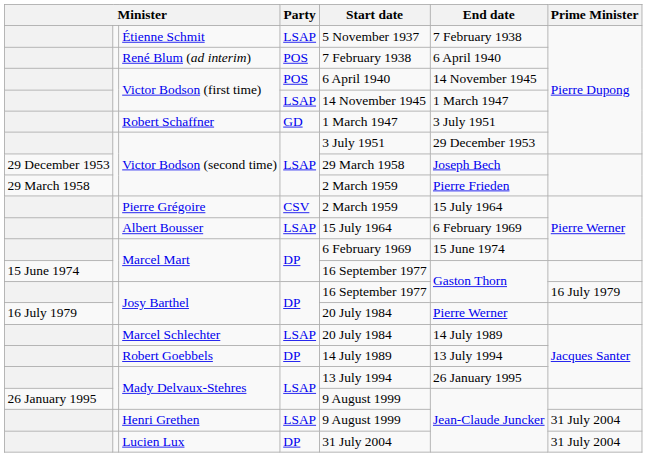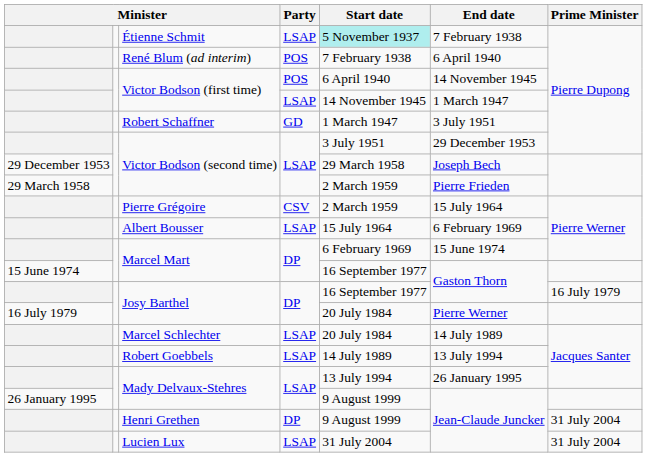 <table class="wikitable">
 <tr style="background: #efefef;">
 <th colspan=3>Minister</th>
 <th>Party</th>
 <th>Start date</th>
 <th>End date</th>
 <th>Prime Minister</th>
 </tr>
 <tr>
 <th style="background-color: "></th>
 <td></td>
 <td><a href='#'>Étienne Schmit</a></td>
 <td><a href='#'>LSAP</a></td>
-<td>5 November 1937</td>
+<td style="background: paleturquoise;">5 November 1937</td>
 <td>7 February 1938</td>
 <td rowspan=6><a href='#'>Pierre Dupong</a></td>
 </tr>
 <tr>
 <th style="background-color: "></th>
 <td></td>
 <td><a href='#'>René Blum</a> (<em>ad interim</em>)</td>
 <td><a href='#'>POS</a></td>
 <td>7 February 1938</td>
 <td>6 April 1940</td>
 </tr>
 <tr>
 <th style="background-color: "></th>
 <td rowspan=2></td>
 <td rowspan=2><a href='#'>Victor Bodson</a> (first time)</td>
 <td><a href='#'>POS</a></td>
 <td>6 April 1940</td>
 <td>14 November 1945</td>
 </tr>
 <tr>
 <th style="background-color: "></th>
 <td><a href='#'>LSAP</a></td>
 <td>14 November 1945</td>
 <td>1 March 1947</td>
 </tr>
 <tr>
 <th style="background-color: "></th>
 <td></td>
 <td><a href='#'>Robert Schaffner</a></td>
 <td><a href='#'>GD</a></td>
 <td>1 March 1947</td>
 <td>3 July 1951</td>
 </tr>
 <tr>
 <th style="background-color: "></th>
 <td rowspan=3></td>
 <td rowspan=3><a href='#'>Victor Bodson</a> (second time)</td>
 <td rowspan=3><a href='#'>LSAP</a></td>
 <td>3 July 1951</td>
 <td>29 December 1953</td>
 </tr>
 <tr>
 <td>29 December 1953</td>
 <td>29 March 1958</td>
 <td><a href='#'>Joseph Bech</a></td>
 </tr>
 <tr>
 <td>29 March 1958</td>
 <td>2 March 1959</td>
 <td><a href='#'>Pierre Frieden</a></td>
 </tr>
 <tr>
 <th style="background-color: "></th>
 <td></td>
 <td><a href='#'>Pierre Grégoire</a></td>
 <td><a href='#'>CSV</a></td>
 <td>2 March 1959</td>
 <td>15 July 1964</td>
 <td rowspan=3><a href='#'>Pierre Werner</a></td>
 </tr>
 <tr>
 <th style="background-color: "></th>
 <td></td>
 <td><a href='#'>Albert Bousser</a></td>
 <td><a href='#'>LSAP</a></td>
 <td>15 July 1964</td>
 <td>6 February 1969</td>
 </tr>
 <tr>
 <th style="background-color: "></th>
 <td rowspan=2></td>
 <td rowspan=2><a href='#'>Marcel Mart</a></td>
 <td rowspan=2><a href='#'>DP</a></td>
 <td>6 February 1969</td>
 <td>15 June 1974</td>
 </tr>
 <tr>
 <td>15 June 1974</td>
 <td>16 September 1977</td>
 <td rowspan=2><a href='#'>Gaston Thorn</a></td>
 </tr>
 <tr>
 <th style="background-color: "></th>
 <td rowspan=2></td>
 <td rowspan=2><a href='#'>Josy Barthel</a></td>
 <td rowspan=2><a href='#'>DP</a></td>
 <td>16 September 1977</td>
 <td>16 July 1979</td>
 </tr>
 <tr>
 <td>16 July 1979</td>
 <td>20 July 1984</td>
 <td><a href='#'>Pierre Werner</a></td>
 </tr>
 <tr>
 <th style="background-color: "></th>
 <td></td>
 <td><a href='#'>Marcel Schlechter</a></td>
 <td><a href='#'>LSAP</a></td>
 <td>20 July 1984</td>
 <td>14 July 1989</td>
 <td rowspan=3><a href='#'>Jacques Santer</a></td>
 </tr>
 <tr>
 <th style="background-color: "></th>
 <td></td>
 <td><a href='#'>Robert Goebbels</a></td>
-<td><a href='#'>DP</a></td>
+<td><a href='#'>LSAP</a></td>
 <td>14 July 1989</td>
 <td>13 July 1994</td>
 </tr>
 <tr>
 <th style="background-color: "></th>
 <td rowspan=2></td>
 <td rowspan=2><a href='#'>Mady Delvaux-Stehres</a></td>
 <td rowspan=2><a href='#'>LSAP</a></td>
 <td>13 July 1994</td>
 <td>26 January 1995</td>
 </tr>
 <tr>
 <td>26 January 1995</td>
 <td>9 August 1999</td>
 <td rowspan=4><a href='#'>Jean-Claude Juncker</a></td>
 </tr>
 <tr>
 <th style="background-color: "></th>
 <td></td>
 <td><a href='#'>Henri Grethen</a></td>
-<td><a href='#'>LSAP</a></td>
+<td><a href='#'>DP</a></td>
 <td>9 August 1999</td>
 <td>31 July 2004</td>
 </tr>
 <tr>
 <th style="background-color: "></th>
 <td></td>
 <td><a href='#'>Lucien Lux</a></td>
-<td><a href='#'>DP</a></td>
+<td><a href='#'>LSAP</a></td>
 <td>31 July 2004</td>
 <td>31 July 2004</td>
 </tr>
 </table>
